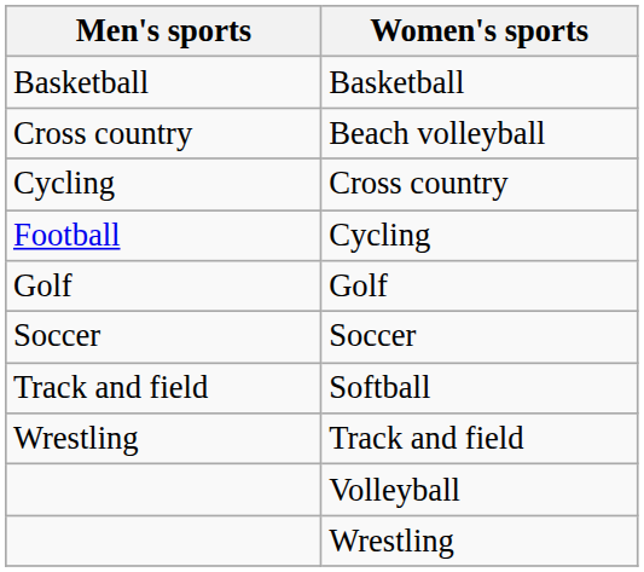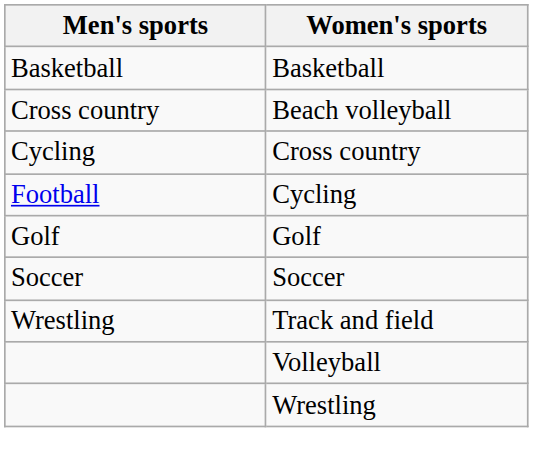 <table class="wikitable"; style= "text-align: ">
 <tr>
 <th width=150px>Men's sports</th>
 <th width=150px>Women's sports</th>
 </tr>
 <tr>
 <td>Basketball</td>
 <td>Basketball</td>
 </tr>
 <tr>
 <td>Cross country</td>
 <td>Beach volleyball</td>
 </tr>
 <tr>
 <td>Cycling</td>
 <td>Cross country</td>
 </tr>
 <tr>
 <td><a href='#'>Football</a></td>
 <td>Cycling</td>
 </tr>
 <tr>
 <td>Golf</td>
 <td>Golf</td>
 </tr>
 <tr>
 <td>Soccer</td>
 <td>Soccer</td>
 </tr>
 <tr>
-<td>Track and field</td>
-<td>Softball</td>
-</tr>
-<tr>
 <td>Wrestling</td>
 <td>Track and field</td>
 </tr>
 <tr>
 <td></td>
 <td>Volleyball</td>
 </tr>
 <tr>
 <td></td>
 <td>Wrestling</td>
 </tr>
 </table>
